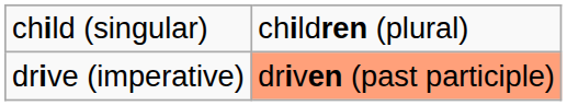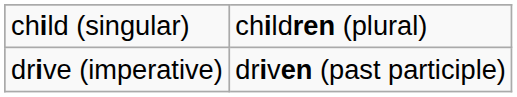 <table class="wikitable">
 <tr>
 <td>ch<strong>i</strong>ld (singular) </td>
 <td>ch<strong>i</strong>ld<strong>ren</strong> (plural) </td>
 </tr>
 <tr>
 <td>dr<strong>i</strong>ve (imperative) </td>
-<td style="background: lightsalmon;">dr<strong>i</strong>v<strong>en</strong> (past participle) </td>
+<td>dr<strong>i</strong>v<strong>en</strong> (past participle) </td>
 </tr>
 </table>
